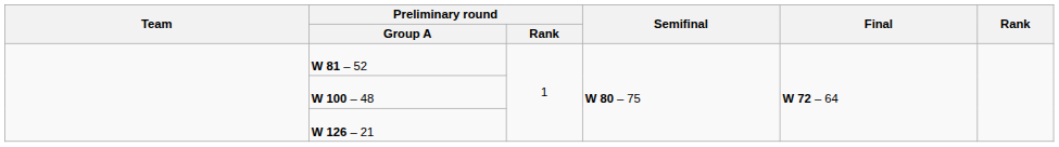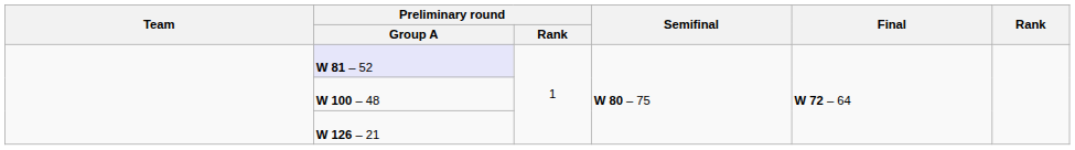 <table class="wikitable" width="98%" style="text-align:left; font-size:90%">
 <tr>
 <th rowspan="2" width="20%">Team</th>
 <th colspan="2">Preliminary round</th>
 <th rowspan="2" width="13%">Semifinal</th>
 <th rowspan="2" width="13%">Final</th>
 <th rowspan="2" width="5%">Rank</th>
 </tr>
 <tr>
 <th width="13%">Group A</th>
 <th width="5%">Rank</th>
 </tr>
 <tr>
 <td rowspan=3></td>
-<td><br> <strong>W 81</strong> – 52</td>
+<td style="background: lavender;"><br> <strong>W 81</strong> – 52</td>
 <td rowspan=3 align=center>1 <strong></strong></td>
 <td rowspan=3><br> <strong>W 80</strong> – 75</td>
 <td rowspan=3><br> <strong>W 72</strong> – 64</td>
 <td rowspan=3 align=center></td>
 </tr>
 <tr>
 <td><br> <strong>W 100</strong> – 48</td>
 </tr>
 <tr>
 <td><br> <strong>W 126</strong> – 21</td>
 </tr>
 </table>
